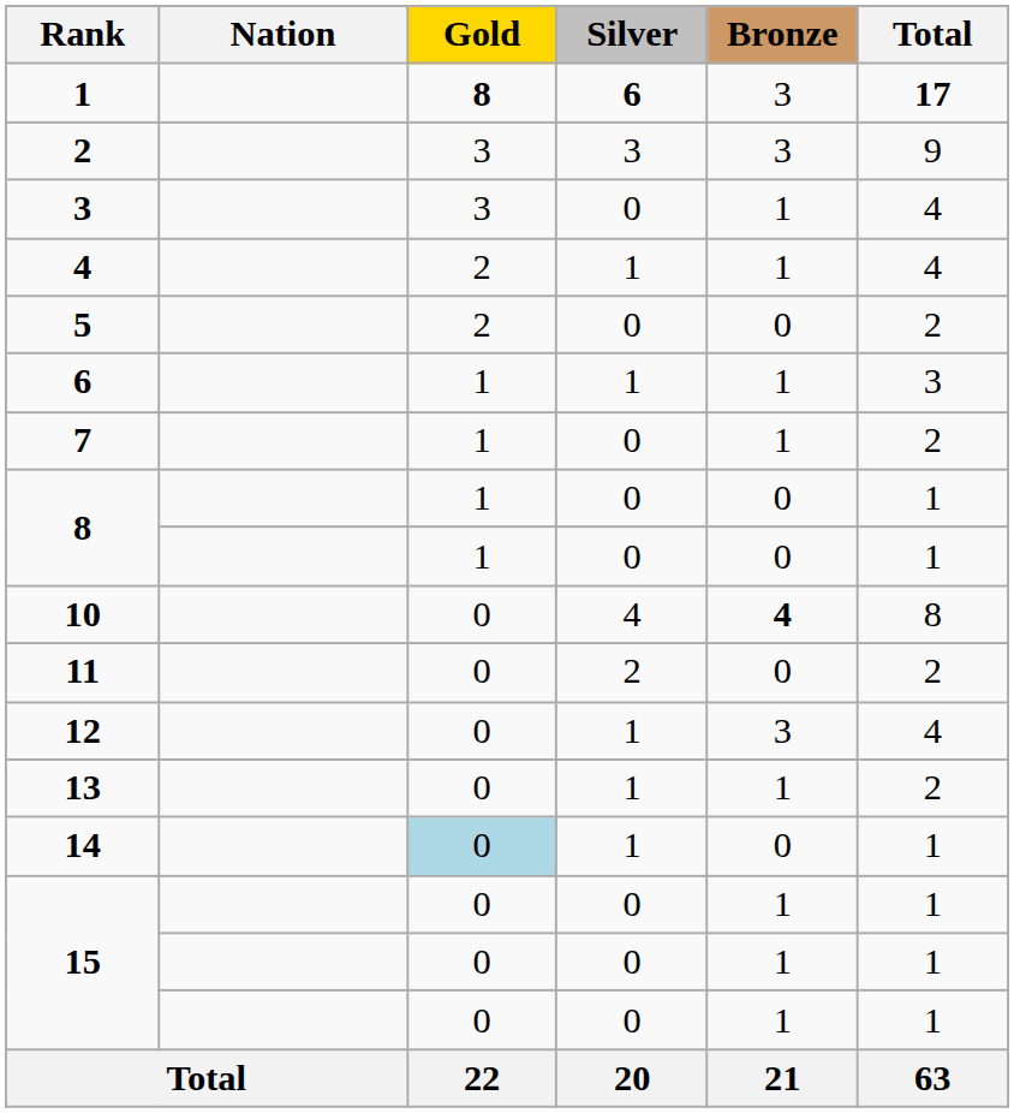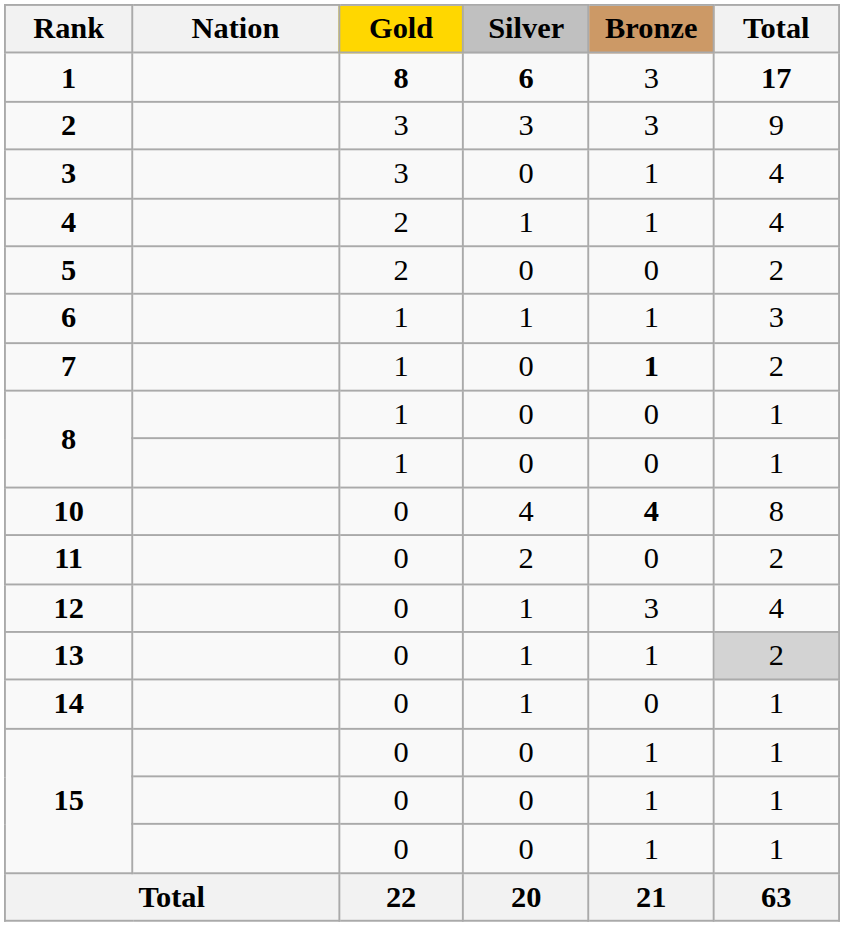 <table class="wikitable collapsible autocollapse plainrowheaders" width=70.5% style="text-align:center;">
 <tr style="background-color:#EDEDED;">
 <th width=100px class="hintergrundfarbe5">Rank</th>
 <th width=200px class="hintergrundfarbe6">Nation</th>
 <th style="background:    gold; width:15%">Gold</th>
 <th style="background:  silver; width:15%">Silver</th>
 <th style="background: #CC9966; width:15%">Bronze</th>
 <th class="hintergrundfarbe6" style="width:15%">Total</th>
 </tr>
 <tr>
 <td><strong>1</strong></td>
 <td align=left></td>
 <td><strong>8</strong></td>
 <td><strong>6</strong></td>
 <td>3</td>
 <td><strong>17</strong></td>
 </tr>
 <tr>
 <td><strong>2</strong></td>
 <td align=left></td>
 <td>3</td>
 <td>3</td>
 <td>3</td>
 <td>9</td>
 </tr>
 <tr>
 <td><strong>3</strong></td>
 <td align=left></td>
 <td>3</td>
 <td>0</td>
 <td>1</td>
 <td>4</td>
 </tr>
 <tr>
 <td><strong>4</strong></td>
 <td align=left></td>
 <td>2</td>
 <td>1</td>
 <td>1</td>
 <td>4</td>
 </tr>
 <tr>
 <td><strong>5</strong></td>
 <td align=left></td>
 <td>2</td>
 <td>0</td>
 <td>0</td>
 <td>2</td>
 </tr>
 <tr>
 <td><strong>6</strong></td>
 <td align=left></td>
 <td>1</td>
 <td>1</td>
 <td>1</td>
 <td>3</td>
 </tr>
 <tr>
 <td><strong>7</strong></td>
 <td align=left></td>
 <td>1</td>
 <td>0</td>
-<td>1</td>
+<td><strong>1</strong></td>
 <td>2</td>
 </tr>
 <tr>
 <td rowspan=2><strong>8</strong></td>
 <td align=left><em></em></td>
 <td>1</td>
 <td>0</td>
 <td>0</td>
 <td>1</td>
 </tr>
 <tr>
 <td align=left></td>
 <td>1</td>
 <td>0</td>
 <td>0</td>
 <td>1</td>
 </tr>
 <tr>
 <td><strong>10</strong></td>
 <td align=left></td>
 <td>0</td>
 <td>4</td>
 <td><strong>4</strong></td>
 <td>8</td>
 </tr>
 <tr>
 <td><strong>11</strong></td>
 <td align=left></td>
 <td>0</td>
 <td>2</td>
 <td>0</td>
 <td>2</td>
 </tr>
 <tr>
 <td><strong>12</strong></td>
 <td align=left></td>
 <td>0</td>
 <td>1</td>
 <td>3</td>
 <td>4</td>
 </tr>
 <tr>
 <td><strong>13</strong></td>
 <td align=left></td>
 <td>0</td>
 <td>1</td>
 <td>1</td>
-<td>2</td>
+<td style="background: lightgrey;">2</td>
 </tr>
 <tr>
 <td><strong>14</strong></td>
 <td align=left><em></em></td>
-<td style="background: lightblue;">0</td>
+<td>0</td>
 <td>1</td>
 <td>0</td>
 <td>1</td>
 </tr>
 <tr>
 <td rowspan=3><strong>15</strong></td>
 <td align=left></td>
 <td>0</td>
 <td>0</td>
 <td>1</td>
 <td>1</td>
 </tr>
 <tr>
 <td align=left></td>
 <td>0</td>
 <td>0</td>
 <td>1</td>
 <td>1</td>
 </tr>
 <tr>
 <td align=left><em></em></td>
 <td>0</td>
 <td>0</td>
 <td>1</td>
 <td>1</td>
 </tr>
 <tr>
 <th colspan=2>Total</th>
 <th>22</th>
 <th>20</th>
 <th>21</th>
 <th>63</th>
 </tr>
 </table>
